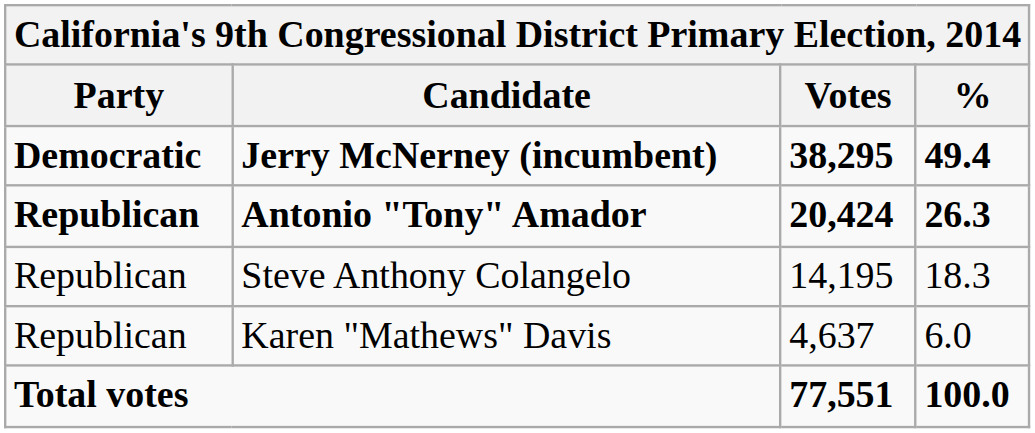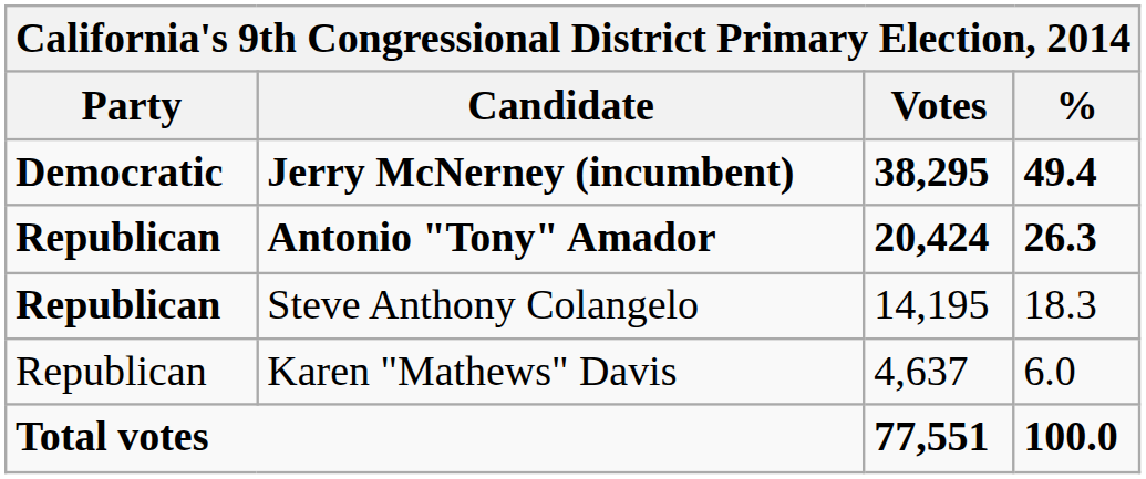 <table class="wikitable">
 <tr>
 <th colspan="4">California's 9th Congressional District Primary Election, 2014</th>
 </tr>
 <tr>
 <th>Party</th>
 <th>Candidate</th>
 <th>Votes</th>
 <th>%</th>
 </tr>
 <tr>
 <td><strong>Democratic</strong></td>
 <td><strong>Jerry McNerney (incumbent)</strong></td>
 <td><strong>38,295</strong></td>
 <td><strong>49.4</strong></td>
 </tr>
 <tr>
 <td><strong>Republican</strong></td>
 <td><strong>Antonio "Tony" Amador</strong></td>
 <td><strong>20,424</strong></td>
 <td><strong>26.3</strong></td>
 </tr>
 <tr>
-<td>Republican</td>
+<td><strong>Republican</strong></td>
 <td>Steve Anthony Colangelo</td>
 <td>14,195</td>
 <td>18.3</td>
 </tr>
 <tr>
 <td>Republican</td>
 <td>Karen "Mathews" Davis</td>
 <td>4,637</td>
 <td>6.0</td>
 </tr>
 <tr>
 <td colspan="2"><strong>Total votes</strong></td>
 <td><strong>77,551</strong></td>
 <td><strong>100.0</strong></td>
 </tr>
 </table>
